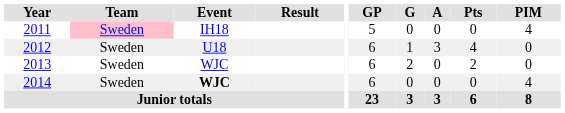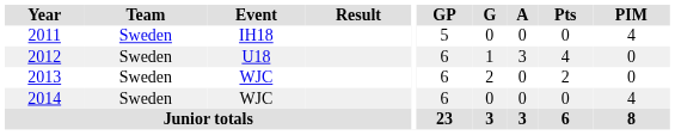 <table border="0" cellpadding="1" cellspacing="0" ID="Table3" style="text-align:center; width:40em">
 <tr ALIGN="center" bgcolor="#e0e0e0">
 <th>Year</th>
 <th>Team</th>
 <th>Event</th>
 <th>Result</th>
 <th rowspan="99" bgcolor="#ffffff"></th>
 <th>GP</th>
 <th>G</th>
 <th>A</th>
 <th>Pts</th>
 <th>PIM</th>
 </tr>
 <tr>
 <td><a href='#'>2011</a></td>
-<td style="background: pink;"><a href='#'>Sweden</a></td>
+<td><a href='#'>Sweden</a></td>
 <td><a href='#'>IH18</a></td>
 <td></td>
 <td>5</td>
 <td>0</td>
 <td>0</td>
 <td>0</td>
 <td>4</td>
 </tr>
 <tr bgcolor="#f0f0f0">
 <td><a href='#'>2012</a></td>
 <td>Sweden</td>
 <td><a href='#'>U18</a></td>
 <td></td>
 <td>6</td>
 <td>1</td>
 <td>3</td>
 <td>4</td>
 <td>0</td>
 </tr>
 <tr>
 <td><a href='#'>2013</a></td>
 <td>Sweden</td>
 <td><a href='#'>WJC</a></td>
 <td></td>
 <td>6</td>
 <td>2</td>
 <td>0</td>
 <td>2</td>
 <td>0</td>
 </tr>
 <tr bgcolor="#f0f0f0">
 <td><a href='#'>2014</a></td>
 <td>Sweden</td>
-<td><strong>WJC</strong></td>
+<td>WJC</td>
 <td></td>
 <td>6</td>
 <td>0</td>
 <td>0</td>
 <td>0</td>
 <td>4</td>
 </tr>
 <tr bgcolor="#e0e0e0">
 <th colspan="4">Junior totals</th>
 <th>23</th>
 <th>3</th>
 <th>3</th>
 <th>6</th>
 <th>8</th>
 </tr>
 </table>
